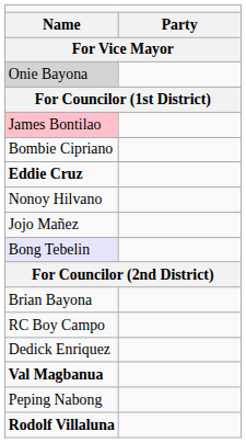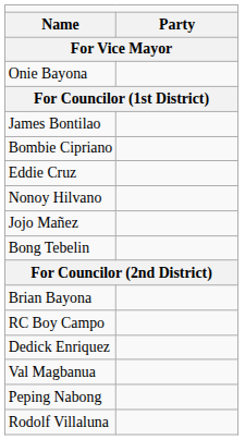 <table class=wikitable style="font-size:90%">
 <tr>
 <td colspan=5 bgcolor=></td>
 </tr>
 <tr>
 <th !width=150px>Name</th>
 <th colspan=2 width=110px>Party</th>
 </tr>
 <tr>
 <th colspan="3">For Vice Mayor</th>
 </tr>
 <tr>
-<td style="background: lightgrey;">Onie Bayona</td>
+<td>Onie Bayona</td>
 <td></td>
 </tr>
 <tr>
 <th colspan="3">For Councilor (1st District)</th>
 </tr>
 <tr>
-<td style="background: pink;">James Bontilao</td>
+<td>James Bontilao</td>
 <td></td>
 </tr>
 <tr>
 <td>Bombie Cipriano</td>
 <td></td>
 </tr>
 <tr>
-<td><strong>Eddie Cruz</strong></td>
+<td>Eddie Cruz</td>
 <td></td>
 </tr>
 <tr>
 <td>Nonoy Hilvano</td>
 <td></td>
 </tr>
 <tr>
 <td>Jojo Mañez</td>
 <td></td>
 </tr>
 <tr>
-<td style="background: lavender;">Bong Tebelin</td>
+<td>Bong Tebelin</td>
 <td></td>
 </tr>
 <tr>
 <th colspan="3">For Councilor (2nd District)</th>
 </tr>
 <tr>
 <td>Brian Bayona</td>
 <td></td>
 </tr>
 <tr>
 <td>RC Boy Campo</td>
 <td></td>
 </tr>
 <tr>
 <td>Dedick Enriquez</td>
 <td></td>
 </tr>
 <tr>
-<td><strong>Val Magbanua</strong></td>
+<td>Val Magbanua</td>
 <td></td>
 </tr>
 <tr>
 <td>Peping Nabong</td>
 <td></td>
 </tr>
 <tr>
-<td><strong>Rodolf Villaluna</strong></td>
+<td>Rodolf Villaluna</td>
 <td></td>
 </tr>
 </table>
